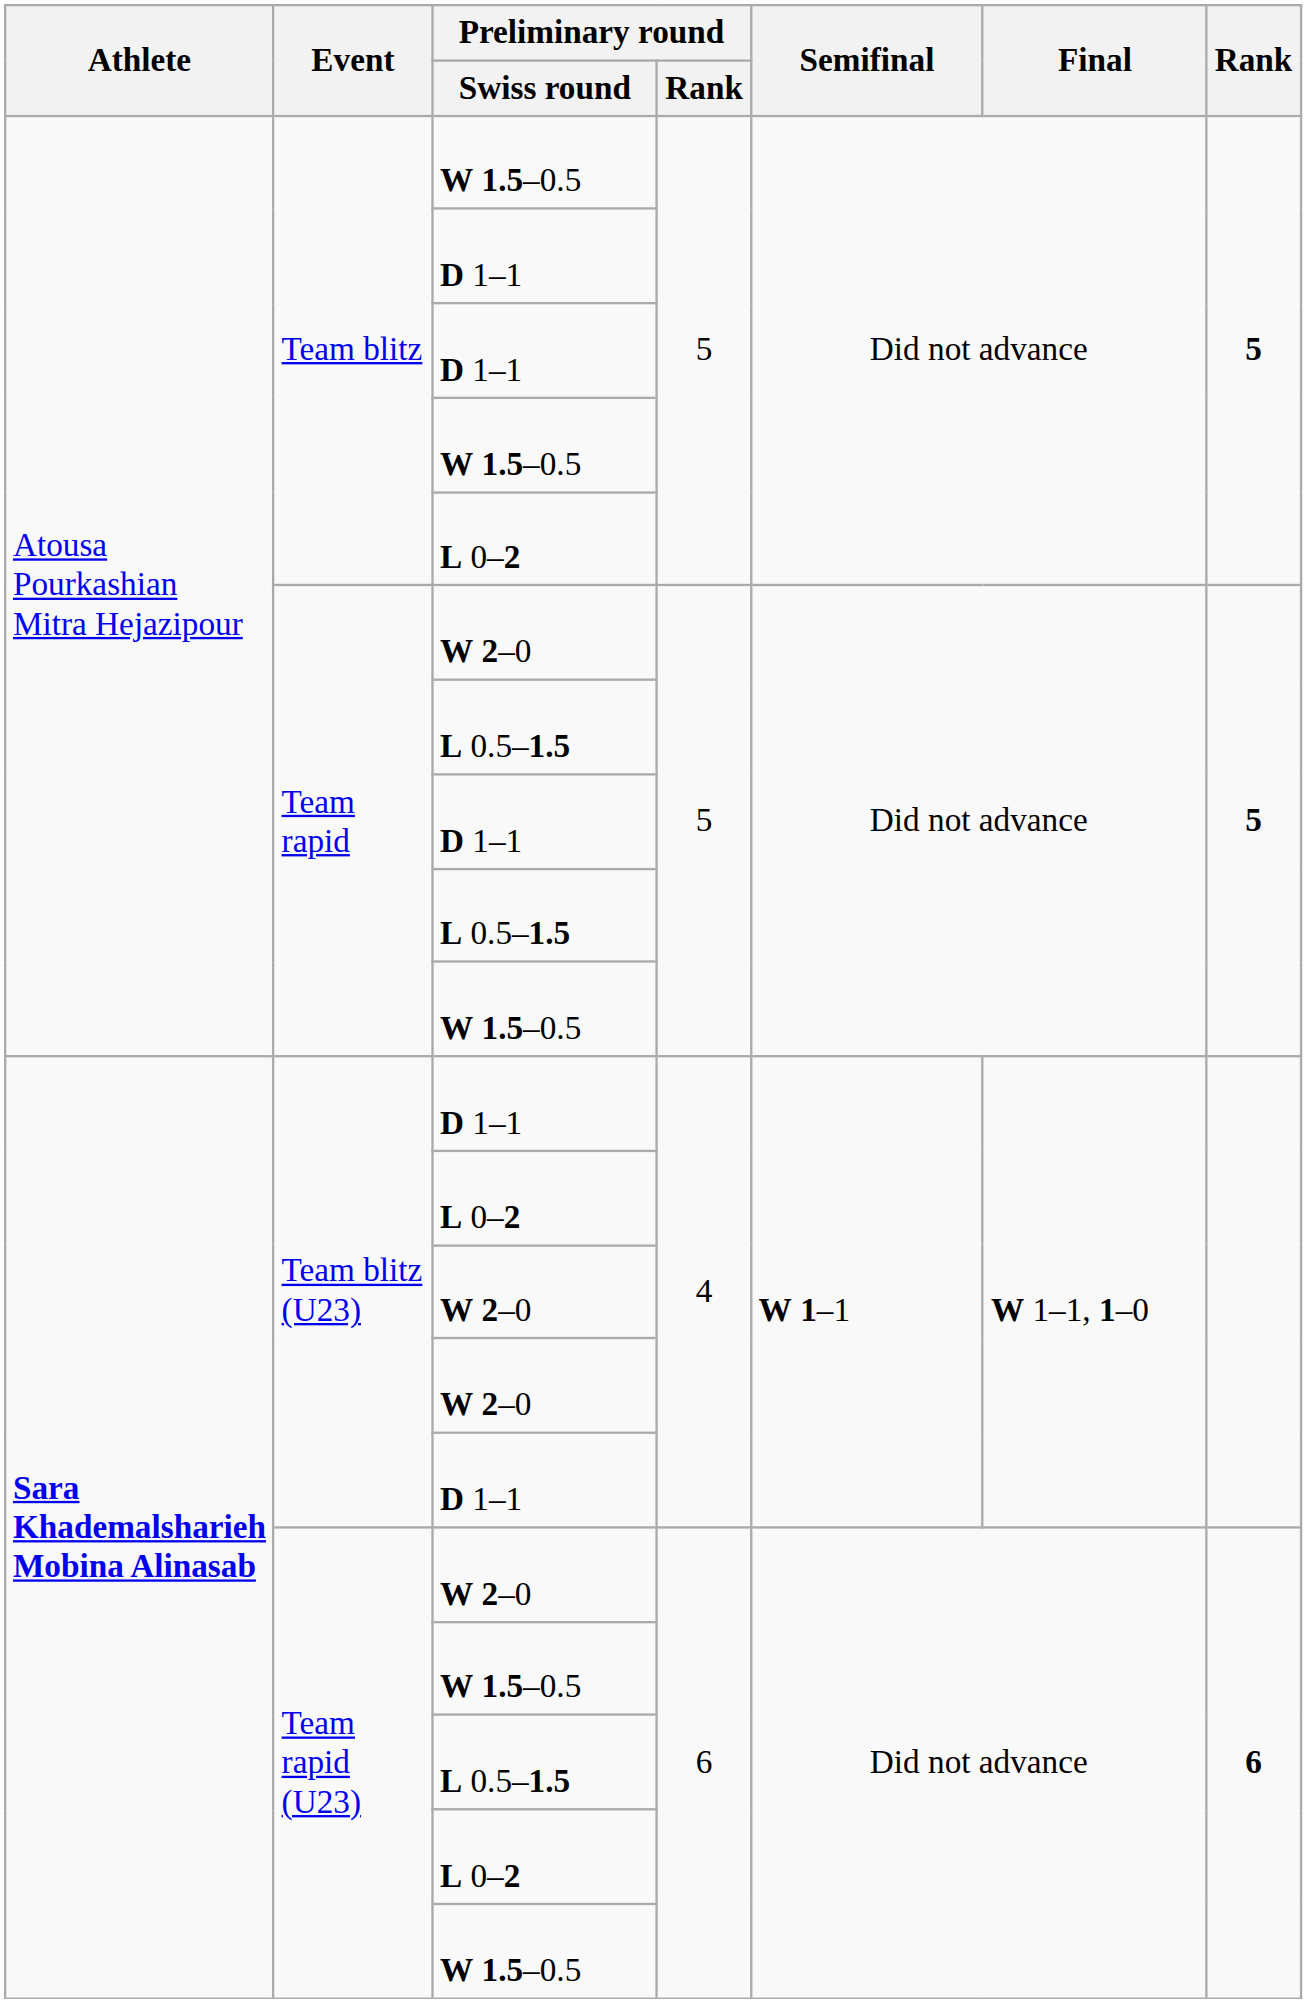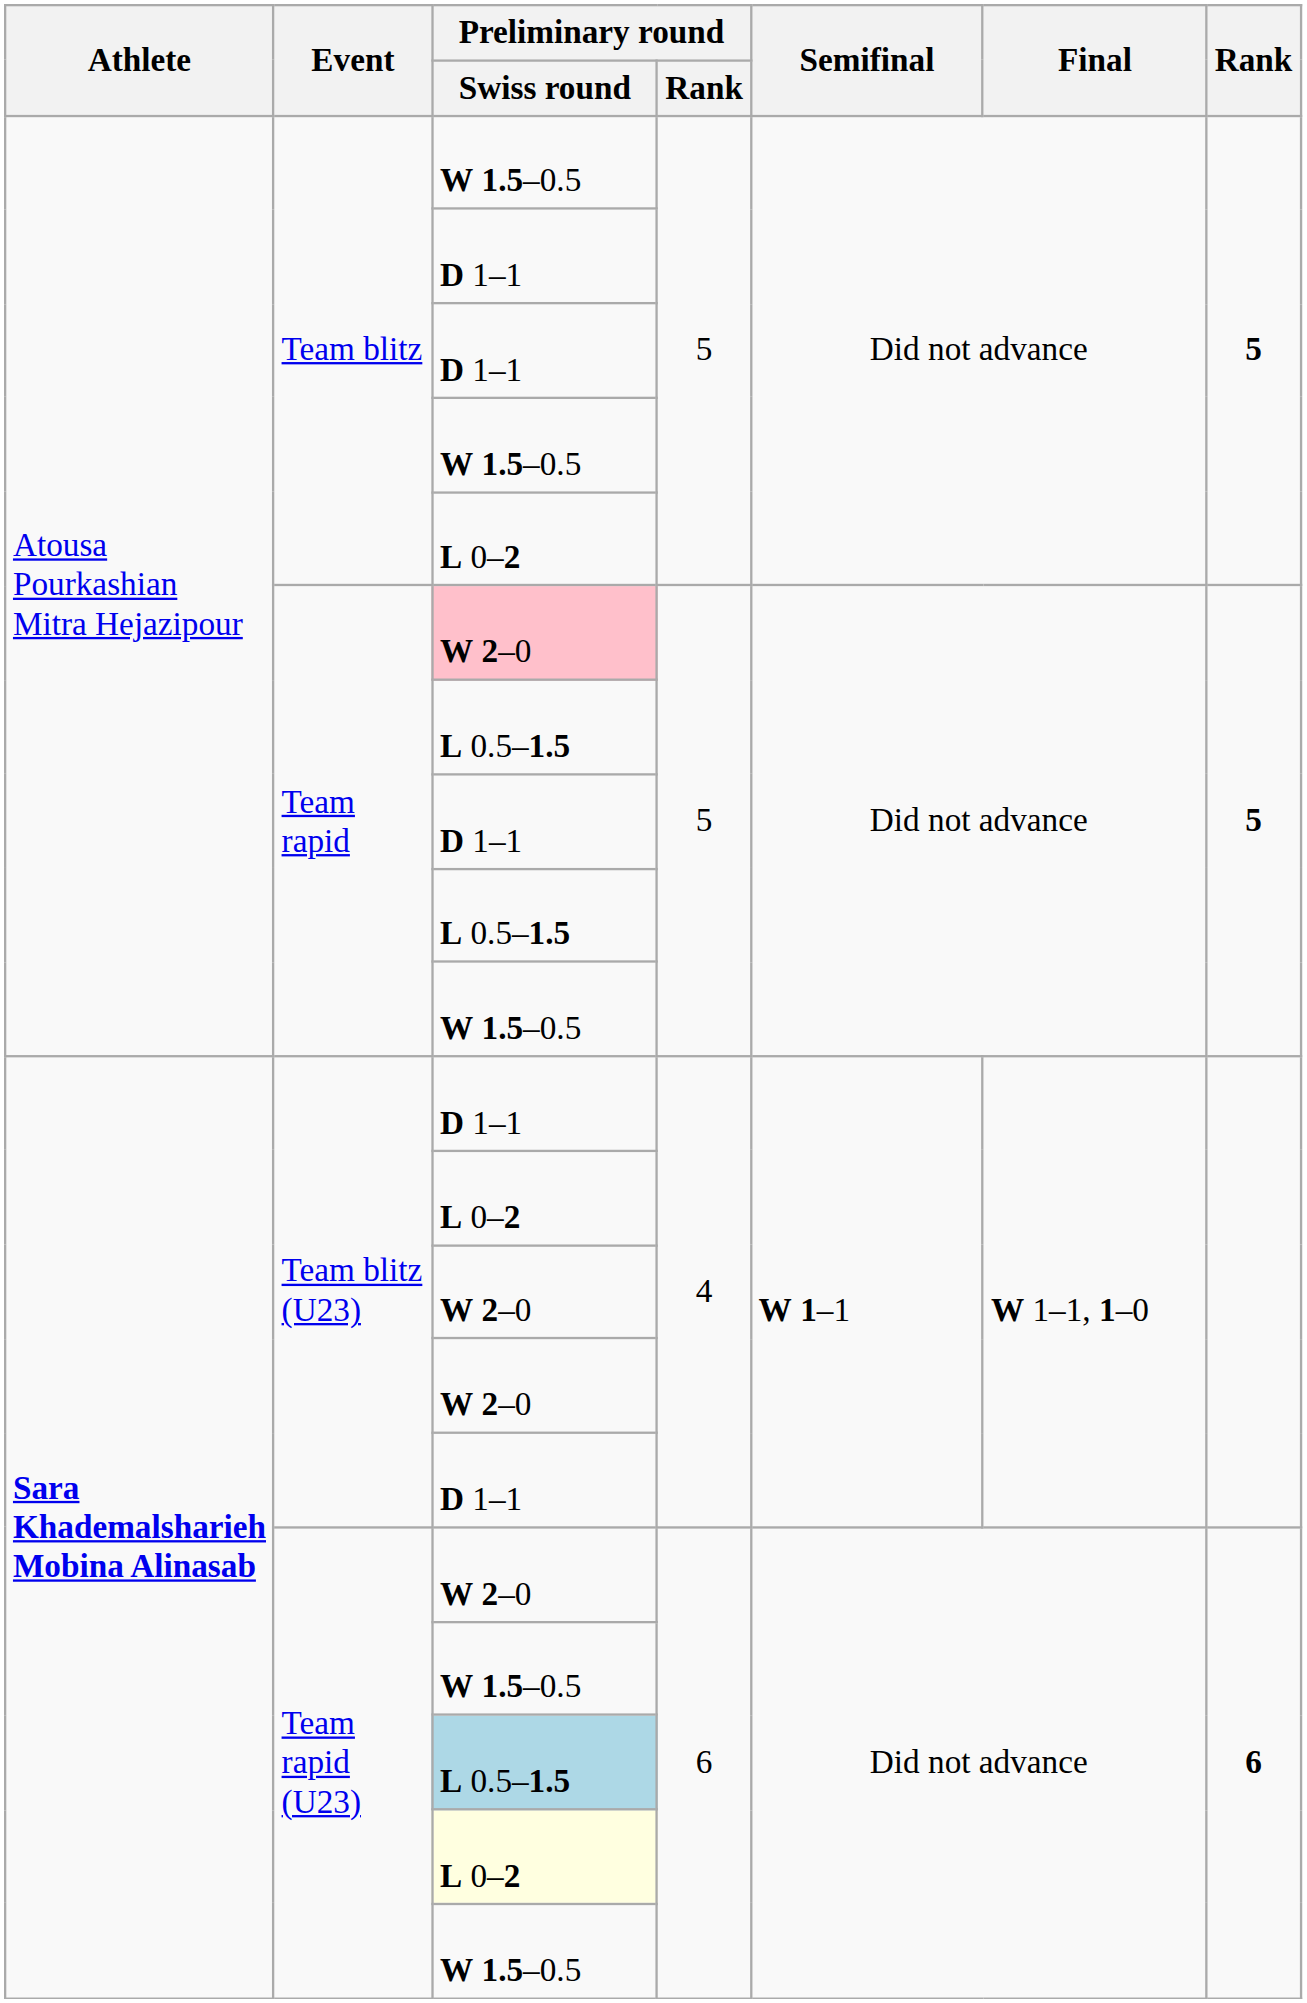 <table class="wikitable" width="90%" style="text-align:left; font-size:90%">
 <tr>
 <th rowspan="2" width="20%">Athlete</th>
 <th rowspan="2" width="13%">Event</th>
 <th colspan="2">Preliminary round</th>
 <th rowspan="2" width="19%">Semifinal</th>
 <th rowspan="2" width="19%">Final</th>
 <th rowspan="2" width="5%">Rank</th>
 </tr>
 <tr>
 <th width="19%">Swiss round</th>
 <th width="5%">Rank</th>
 </tr>
 <tr>
 <td rowspan=10><a href='#'>Atousa Pourkashian</a><br><a href='#'>Mitra Hejazipour</a></td>
 <td rowspan=5><a href='#'>Team blitz</a></td>
 <td><br><strong>W</strong> <strong>1.5</strong>–0.5</td>
 <td rowspan=5 align=center>5</td>
 <td rowspan=5 colspan=2 align=center>Did not advance</td>
 <td rowspan=5 align="center"><strong>5</strong></td>
 </tr>
 <tr>
 <td><br><strong>D</strong> 1–1</td>
 </tr>
 <tr>
 <td><br><strong>D</strong> 1–1</td>
 </tr>
 <tr>
 <td><br><strong>W</strong> <strong>1.5</strong>–0.5</td>
 </tr>
 <tr>
 <td><br><strong>L</strong> 0–<strong>2</strong></td>
 </tr>
 <tr>
 <td rowspan=5><a href='#'>Team rapid</a></td>
-<td><br><strong>W</strong> <strong>2</strong>–0</td>
+<td style="background: pink;"><br><strong>W</strong> <strong>2</strong>–0</td>
 <td rowspan=5 align=center>5</td>
 <td rowspan=5 colspan=2 align=center>Did not advance</td>
 <td rowspan=5 align="center"><strong>5</strong></td>
 </tr>
 <tr>
 <td><br><strong>L</strong> 0.5–<strong>1.5</strong></td>
 </tr>
 <tr>
 <td><br><strong>D</strong> 1–1</td>
 </tr>
 <tr>
 <td><br><strong>L</strong> 0.5–<strong>1.5</strong></td>
 </tr>
 <tr>
 <td><br><strong>W</strong> <strong>1.5</strong>–0.5</td>
 </tr>
 <tr>
 <td rowspan=10><strong><a href='#'>Sara Khademalsharieh</a><br><a href='#'>Mobina Alinasab</a></strong></td>
 <td rowspan=5><a href='#'>Team blitz (U23)</a></td>
 <td><br><strong>D</strong> 1–1</td>
 <td rowspan=5 align=center>4 <strong></strong></td>
 <td rowspan=5><br><strong>W</strong> <strong>1</strong>–1</td>
 <td rowspan=5><br><strong>W</strong> 1–1, <strong>1</strong>–0</td>
 <td rowspan=5 align="center"></td>
 </tr>
 <tr>
 <td><br><strong>L</strong> 0–<strong>2</strong></td>
 </tr>
 <tr>
 <td><br><strong>W</strong> <strong>2</strong>–0</td>
 </tr>
 <tr>
 <td><br><strong>W</strong> <strong>2</strong>–0</td>
 </tr>
 <tr>
 <td><br><strong>D</strong> 1–1</td>
 </tr>
 <tr>
 <td rowspan=5><a href='#'>Team rapid (U23)</a></td>
 <td><br><strong>W</strong> <strong>2</strong>–0</td>
 <td rowspan=5 align=center>6</td>
 <td rowspan=5 colspan=2 align=center>Did not advance</td>
 <td rowspan=5 align="center"><strong>6</strong></td>
 </tr>
 <tr>
 <td><br><strong>W</strong> <strong>1.5</strong>–0.5</td>
 </tr>
 <tr>
-<td><br><strong>L</strong> 0.5–<strong>1.5</strong></td>
+<td style="background: lightblue;"><br><strong>L</strong> 0.5–<strong>1.5</strong></td>
 </tr>
 <tr>
-<td><br><strong>L</strong> 0–<strong>2</strong></td>
+<td style="background: lightyellow;"><br><strong>L</strong> 0–<strong>2</strong></td>
 </tr>
 <tr>
 <td><br><strong>W</strong> <strong>1.5</strong>–0.5</td>
 </tr>
 </table>
